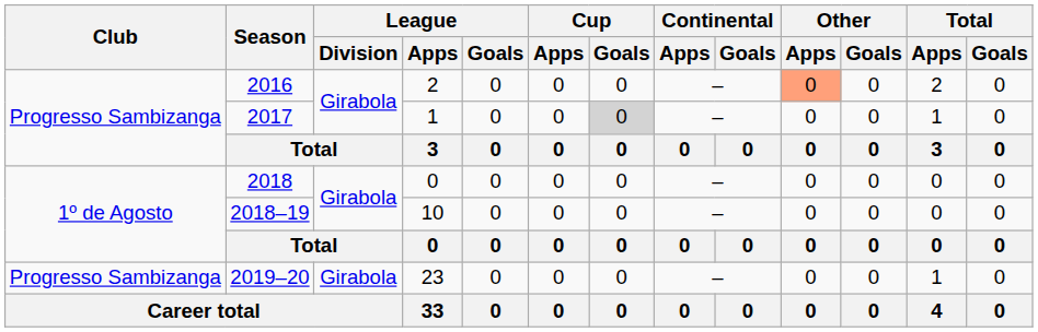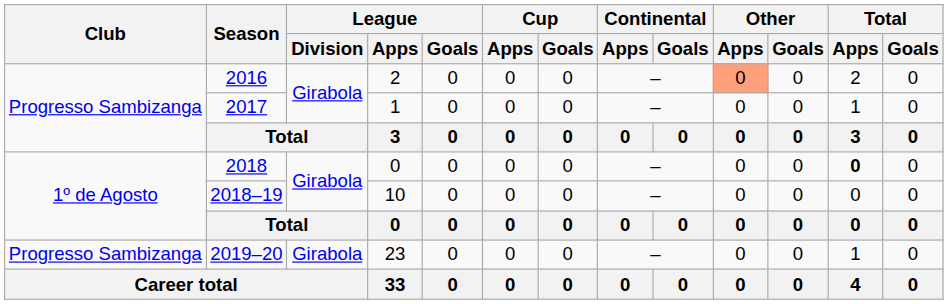 <table class="wikitable" style="text-align: center">
 <tr>
 <th rowspan="2">Club</th>
 <th rowspan="2">Season</th>
 <th colspan="3">League</th>
 <th colspan="2">Cup</th>
 <th colspan="2">Continental</th>
 <th colspan="2">Other</th>
 <th colspan="2">Total</th>
 </tr>
 <tr>
 <th>Division</th>
 <th>Apps</th>
 <th>Goals</th>
 <th>Apps</th>
 <th>Goals</th>
 <th>Apps</th>
 <th>Goals</th>
 <th>Apps</th>
 <th>Goals</th>
 <th>Apps</th>
 <th>Goals</th>
 </tr>
 <tr>
 <td rowspan="3"><a href='#'>Progresso Sambizanga</a></td>
 <td><a href='#'>2016</a></td>
 <td rowspan="2"><a href='#'>Girabola</a></td>
 <td>2</td>
 <td>0</td>
 <td>0</td>
 <td>0</td>
 <td colspan="2">–</td>
 <td style="background: lightsalmon;">0</td>
 <td>0</td>
 <td>2</td>
 <td>0</td>
 </tr>
 <tr>
 <td><a href='#'>2017</a></td>
 <td>1</td>
 <td>0</td>
 <td>0</td>
-<td style="background: lightgrey;">0</td>
+<td>0</td>
 <td colspan="2">–</td>
 <td>0</td>
 <td>0</td>
 <td>1</td>
 <td>0</td>
 </tr>
 <tr>
 <th colspan="2"><strong>Total</strong></th>
 <th>3</th>
 <th>0</th>
 <th>0</th>
 <th>0</th>
 <th>0</th>
 <th>0</th>
 <th>0</th>
 <th>0</th>
 <th>3</th>
 <th>0</th>
 </tr>
 <tr>
 <td rowspan="3"><a href='#'>1º de Agosto</a></td>
 <td><a href='#'>2018</a></td>
 <td rowspan="2"><a href='#'>Girabola</a></td>
 <td>0</td>
 <td>0</td>
 <td>0</td>
 <td>0</td>
 <td colspan="2">–</td>
 <td>0</td>
 <td>0</td>
-<td>0</td>
+<td><strong>0</strong></td>
 <td>0</td>
 </tr>
 <tr>
 <td><a href='#'>2018–19</a></td>
 <td>10</td>
 <td>0</td>
 <td>0</td>
 <td>0</td>
 <td colspan="2">–</td>
 <td>0</td>
 <td>0</td>
 <td>0</td>
 <td>0</td>
 </tr>
 <tr>
 <th colspan="2"><strong>Total</strong></th>
 <th>0</th>
 <th>0</th>
 <th>0</th>
 <th>0</th>
 <th>0</th>
 <th>0</th>
 <th>0</th>
 <th>0</th>
 <th>0</th>
 <th>0</th>
 </tr>
 <tr>
 <td><a href='#'>Progresso Sambizanga</a></td>
 <td><a href='#'>2019–20</a></td>
 <td><a href='#'>Girabola</a></td>
 <td>23</td>
 <td>0</td>
 <td>0</td>
 <td>0</td>
 <td colspan="2">–</td>
 <td>0</td>
 <td>0</td>
 <td>1</td>
 <td>0</td>
 </tr>
 <tr>
 <th colspan="3"><strong>Career total</strong></th>
 <th>33</th>
 <th>0</th>
 <th>0</th>
 <th>0</th>
 <th>0</th>
 <th>0</th>
 <th>0</th>
 <th>0</th>
 <th>4</th>
 <th>0</th>
 </tr>
 </table>
